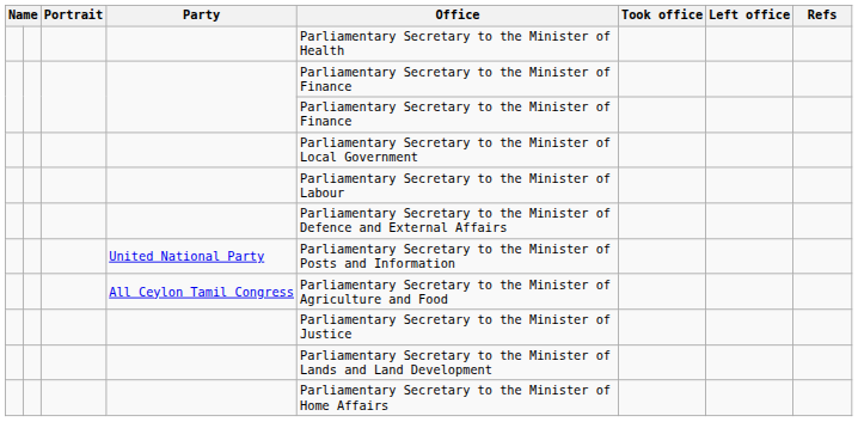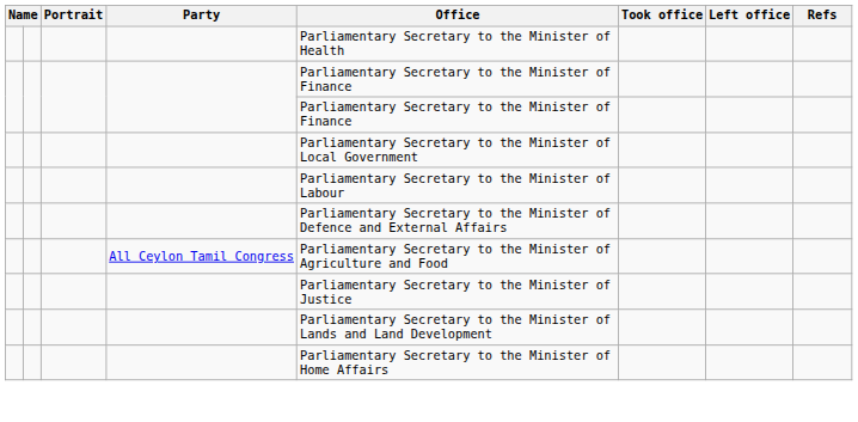 <table class="wikitable plainrowheaders sortable" style="font-size:90%; text-align:left;">
 <tr>
 <th scope=col colspan="2">Name</th>
 <th scope=col class=unsortable>Portrait</th>
 <th scope=col>Party</th>
 <th scope=col width=300px>Office</th>
 <th scope=col>Took office</th>
 <th scope=col>Left office</th>
 <th scope=col width=50px class=unsortable>Refs</th>
 </tr>
 <tr>
 <td></td>
 <td></td>
 <td align=center></td>
 <td></td>
 <td>Parliamentary Secretary to the Minister of Health</td>
 <td align=center></td>
 <td align=center></td>
 <td align=center></td>
 </tr>
 <tr>
 <td rowspan=2></td>
 <td rowspan=2></td>
 <td align=center rowspan=2></td>
 <td rowspan=2></td>
 <td>Parliamentary Secretary to the Minister of Finance</td>
 <td align=center></td>
 <td align=center></td>
 <td align=center></td>
 </tr>
 <tr>
 <td>Parliamentary Secretary to the Minister of Finance</td>
 <td align=center></td>
 <td align=center></td>
 <td align=center></td>
 </tr>
 <tr>
 <td></td>
 <td></td>
 <td align=center></td>
 <td></td>
 <td>Parliamentary Secretary to the Minister of Local Government</td>
 <td align=center></td>
 <td align=center></td>
 <td align=center></td>
 </tr>
 <tr>
 <td></td>
 <td></td>
 <td align=center></td>
 <td></td>
 <td>Parliamentary Secretary to the Minister of Labour</td>
 <td align=center></td>
 <td align=center></td>
 <td align=center></td>
 </tr>
 <tr>
 <td></td>
 <td></td>
 <td align=center></td>
 <td></td>
 <td>Parliamentary Secretary to the Minister of Defence and External Affairs</td>
 <td align=center></td>
 <td align=center></td>
 <td align=center></td>
 </tr>
 <tr>
 <td !align="center" style="background:"></td>
 <td></td>
 <td align=center></td>
-<td><a href='#'>United National Party</a></td>
-<td>Parliamentary Secretary to the Minister of Posts and Information</td>
-<td align=center></td>
-<td align=center></td>
-<td align=center></td>
-</tr>
-<tr>
-<td !align="center" style="background:"></td>
-<td></td>
-<td align=center></td>
 <td><a href='#'>All Ceylon Tamil Congress</a></td>
 <td>Parliamentary Secretary to the Minister of Agriculture and Food</td>
 <td align=center></td>
 <td align=center></td>
 <td align=center></td>
 </tr>
 <tr>
 <td></td>
 <td></td>
 <td align=center></td>
 <td></td>
 <td>Parliamentary Secretary to the Minister of Justice</td>
 <td align=center></td>
 <td align=center></td>
 <td align=center></td>
 </tr>
 <tr>
 <td></td>
 <td></td>
 <td align=center></td>
 <td></td>
 <td>Parliamentary Secretary to the Minister of Lands and Land Development</td>
 <td align=center></td>
 <td align=center></td>
 <td align=center></td>
 </tr>
 <tr>
 <td></td>
 <td></td>
 <td align=center></td>
 <td></td>
 <td>Parliamentary Secretary to the Minister of Home Affairs</td>
 <td align=center></td>
 <td align=center></td>
 <td align=center></td>
 </tr>
 </table>
